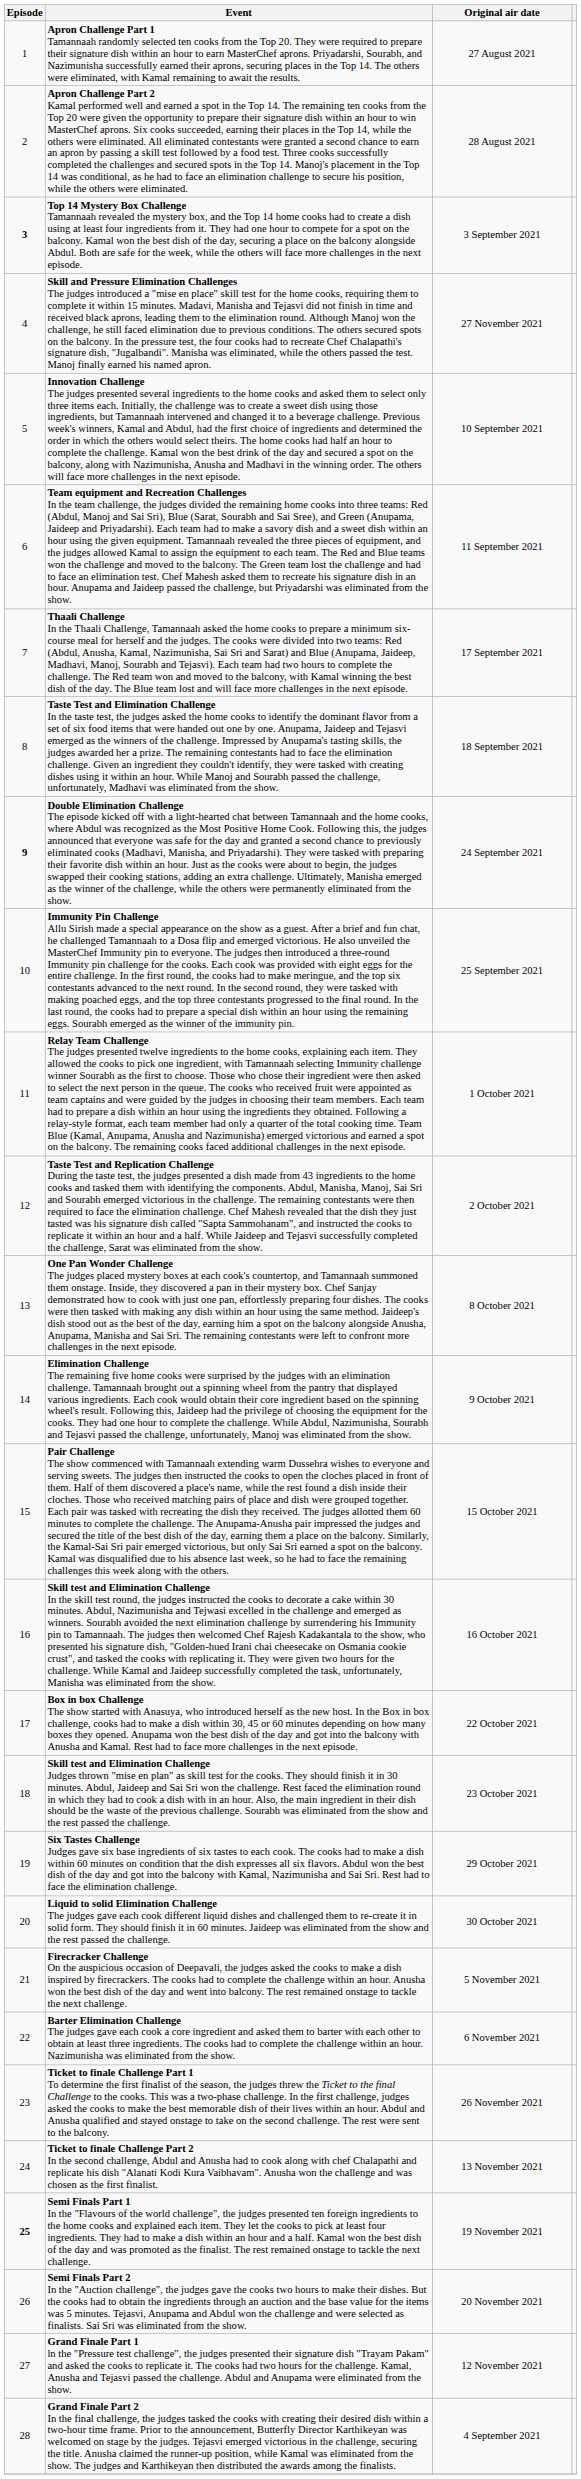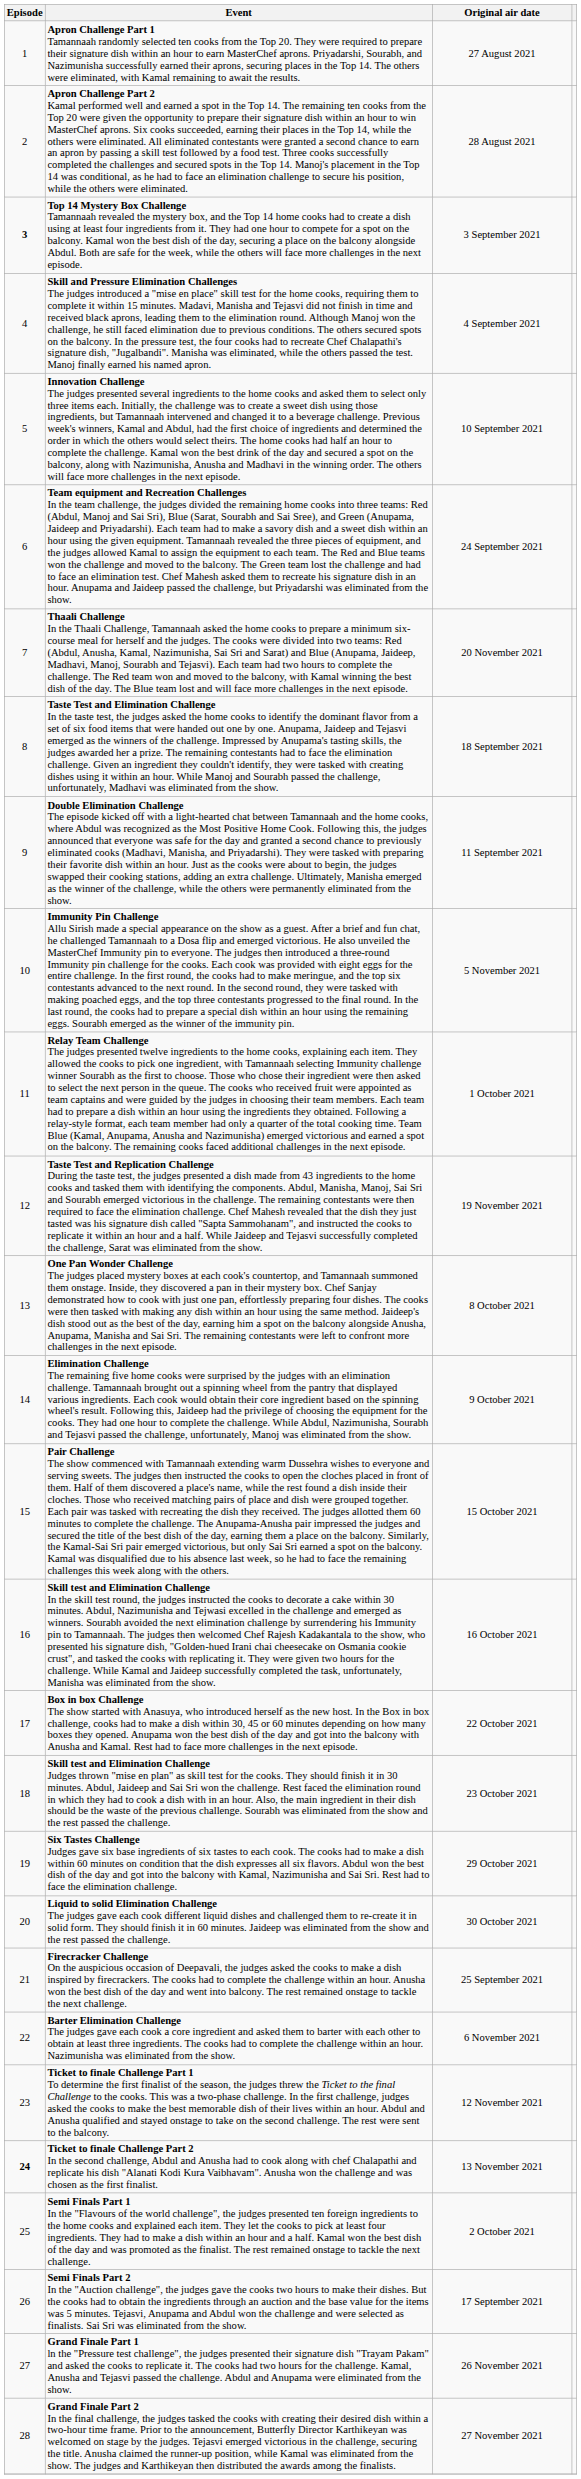 <table class="wikitable" style=text-align:center;>
 <tr>
 <th style="width:5%;">Episode</th>
 <th style="width:70%;">Event</th>
 <th style="width:25%;">Original air date</th>
 <th></th>
 </tr>
 <tr>
 <td>1</td>
 <td style = text-align:left;><strong> Apron Challenge Part 1</strong><br>Tamannaah randomly selected ten cooks from the Top 20. They were required to prepare their signature dish within an hour to earn MasterChef aprons. Priyadarshi, Sourabh, and Nazimunisha successfully earned their aprons, securing places in the Top 14. The others were eliminated, with Kamal remaining to await the results.</td>
 <td>27 August 2021</td>
 <td><br></td>
 </tr>
 <tr>
 <td>2</td>
 <td style = text-align:left;><strong>Apron Challenge Part 2</strong><br>Kamal performed well and earned a spot in the Top 14. The remaining ten cooks from the Top 20 were given the opportunity to prepare their signature dish within an hour to win MasterChef aprons. Six cooks succeeded, earning their places in the Top 14, while the others were eliminated. All eliminated contestants were granted a second chance to earn an apron by passing a skill test followed by a food test. Three cooks successfully completed the challenges and secured spots in the Top 14. Manoj's placement in the Top 14 was conditional, as he had to face an elimination challenge to secure his position, while the others were eliminated.</td>
 <td>28 August 2021</td>
 <td></td>
 </tr>
 <tr>
 <td><strong>3</strong></td>
 <td style = text-align:left;><strong>Top 14 Mystery Box Challenge</strong><br>Tamannaah revealed the mystery box, and the Top 14 home cooks had to create a dish using at least four ingredients from it. They had one hour to compete for a spot on the balcony. Kamal won the best dish of the day, securing a place on the balcony alongside Abdul. Both are safe for the week, while the others will face more challenges in the next episode.</td>
 <td>3 September 2021</td>
 <td></td>
 </tr>
 <tr>
 <td>4</td>
 <td style = text-align:left;><strong>Skill and Pressure Elimination Challenges</strong><br>The judges introduced a "mise en place" skill test for the home cooks, requiring them to complete it within 15 minutes. Madavi, Manisha and Tejasvi did not finish in time and received black aprons, leading them to the elimination round. Although Manoj won the challenge, he still faced elimination due to previous conditions. The others secured spots on the balcony. In the pressure test, the four cooks had to recreate Chef Chalapathi's signature dish, "Jugalbandi". Manisha was eliminated, while the others passed the test. Manoj finally earned his named apron.</td>
-<td>27 November 2021</td>
+<td>4 September 2021</td>
 <td></td>
 </tr>
 <tr>
 <td>5</td>
 <td style = text-align:left;><strong>Innovation Challenge</strong><br>The judges presented several ingredients to the home cooks and asked them to select only three items each. Initially, the challenge was to create a sweet dish using those ingredients, but Tamannaah intervened and changed it to a beverage challenge. Previous week's winners, Kamal and Abdul, had the first choice of ingredients and determined the order in which the others would select theirs. The home cooks had half an hour to complete the challenge. Kamal won the best drink of the day and secured a spot on the balcony, along with Nazimunisha, Anusha and Madhavi in the winning order. The others will face more challenges in the next episode.</td>
 <td>10 September 2021</td>
 <td></td>
 </tr>
 <tr>
 <td>6</td>
 <td style = text-align:left;><strong>Team equipment and Recreation Challenges</strong><br>In the team challenge, the judges divided the remaining home cooks into three teams: Red (Abdul, Manoj and Sai Sri), Blue (Sarat, Sourabh and Sai Sree), and Green (Anupama, Jaideep and Priyadarshi). Each team had to make a savory dish and a sweet dish within an hour using the given equipment. Tamannaah revealed the three pieces of equipment, and the judges allowed Kamal to assign the equipment to each team. The Red and Blue teams won the challenge and moved to the balcony. The Green team lost the challenge and had to face an elimination test. Chef Mahesh asked them to recreate his signature dish in an hour. Anupama and Jaideep passed the challenge, but Priyadarshi was eliminated from the show.</td>
-<td>11 September 2021</td>
+<td>24 September 2021</td>
 <td></td>
 </tr>
 <tr>
 <td>7</td>
 <td style = text-align:left;><strong>Thaali Challenge</strong><br>In the Thaali Challenge, Tamannaah asked the home cooks to prepare a minimum six-course meal for herself and the judges. The cooks were divided into two teams: Red (Abdul, Anusha, Kamal, Nazimunisha, Sai Sri and Sarat) and Blue (Anupama, Jaideep, Madhavi, Manoj, Sourabh and Tejasvi). Each team had two hours to complete the challenge. The Red team won and moved to the balcony, with Kamal winning the best dish of the day. The Blue team lost and will face more challenges in the next episode.</td>
-<td>17 September 2021</td>
+<td>20 November 2021</td>
 <td></td>
 </tr>
 <tr>
 <td>8</td>
 <td style = text-align:left;><strong>Taste Test and Elimination Challenge</strong><br>In the taste test, the judges asked the home cooks to identify the dominant flavor from a set of six food items that were handed out one by one. Anupama, Jaideep and Tejasvi emerged as the winners of the challenge. Impressed by Anupama's tasting skills, the judges awarded her a prize. The remaining contestants had to face the elimination challenge. Given an ingredient they couldn't identify, they were tasked with creating dishes using it within an hour. While Manoj and Sourabh passed the challenge, unfortunately, Madhavi was eliminated from the show.</td>
 <td>18 September 2021</td>
 <td></td>
 </tr>
 <tr>
-<td><strong>9</strong></td>
+<td>9</td>
 <td style = text-align:left;><strong>Double Elimination Challenge</strong><br>The episode kicked off with a light-hearted chat between Tamannaah and the home cooks, where Abdul was recognized as the Most Positive Home Cook. Following this, the judges announced that everyone was safe for the day and granted a second chance to previously eliminated cooks (Madhavi, Manisha, and Priyadarshi). They were tasked with preparing their favorite dish within an hour. Just as the cooks were about to begin, the judges swapped their cooking stations, adding an extra challenge. Ultimately, Manisha emerged as the winner of the challenge, while the others were permanently eliminated from the show.</td>
-<td>24 September 2021</td>
+<td>11 September 2021</td>
 <td></td>
 </tr>
 <tr>
 <td>10</td>
 <td style = text-align:left;><strong>Immunity Pin Challenge</strong><br>Allu Sirish made a special appearance on the show as a guest. After a brief and fun chat, he challenged Tamannaah to a Dosa flip and emerged victorious. He also unveiled the MasterChef Immunity pin to everyone. The judges then introduced a three-round Immunity pin challenge for the cooks. Each cook was provided with eight eggs for the entire challenge. In the first round, the cooks had to make meringue, and the top six contestants advanced to the next round. In the second round, they were tasked with making poached eggs, and the top three contestants progressed to the final round. In the last round, the cooks had to prepare a special dish within an hour using the remaining eggs. Sourabh emerged as the winner of the immunity pin.</td>
-<td>25 September 2021</td>
+<td>5 November 2021</td>
 <td></td>
 </tr>
 <tr>
 <td>11</td>
 <td style = text-align:left;><strong>Relay Team Challenge</strong><br>The judges presented twelve ingredients to the home cooks, explaining each item. They allowed the cooks to pick one ingredient, with Tamannaah selecting Immunity challenge winner Sourabh as the first to choose. Those who chose their ingredient were then asked to select the next person in the queue. The cooks who received fruit were appointed as team captains and were guided by the judges in choosing their team members. Each team had to prepare a dish within an hour using the ingredients they obtained. Following a relay-style format, each team member had only a quarter of the total cooking time. Team Blue (Kamal, Anupama, Anusha and Nazimunisha) emerged victorious and earned a spot on the balcony. The remaining cooks faced additional challenges in the next episode.</td>
 <td>1 October 2021</td>
 <td></td>
 </tr>
 <tr>
 <td>12</td>
 <td style = text-align:left;><strong>Taste Test and Replication Challenge</strong><br>During the taste test, the judges presented a dish made from 43 ingredients to the home cooks and tasked them with identifying the components. Abdul, Manisha, Manoj, Sai Sri and Sourabh emerged victorious in the challenge. The remaining contestants were then required to face the elimination challenge. Chef Mahesh revealed that the dish they just tasted was his signature dish called "Sapta Sammohanam", and instructed the cooks to replicate it within an hour and a half. While Jaideep and Tejasvi successfully completed the challenge, Sarat was eliminated from the show.</td>
-<td>2 October 2021</td>
+<td>19 November 2021</td>
 <td></td>
 </tr>
 <tr>
 <td>13</td>
 <td style = text-align:left;><strong>One Pan Wonder Challenge</strong><br>The judges placed mystery boxes at each cook's countertop, and Tamannaah summoned them onstage. Inside, they discovered a pan in their mystery box. Chef Sanjay demonstrated how to cook with just one pan, effortlessly preparing four dishes. The cooks were then tasked with making any dish within an hour using the same method. Jaideep's dish stood out as the best of the day, earning him a spot on the balcony alongside Anusha, Anupama, Manisha and Sai Sri. The remaining contestants were left to confront more challenges in the next episode.</td>
 <td>8 October 2021</td>
 <td></td>
 </tr>
 <tr>
 <td>14</td>
 <td style = text-align:left;><strong>Elimination Challenge</strong><br>The remaining five home cooks were surprised by the judges with an elimination challenge. Tamannaah brought out a spinning wheel from the pantry that displayed various ingredients. Each cook would obtain their core ingredient based on the spinning wheel's result. Following this, Jaideep had the privilege of choosing the equipment for the cooks. They had one hour to complete the challenge. While Abdul, Nazimunisha, Sourabh and Tejasvi passed the challenge, unfortunately, Manoj was eliminated from the show.</td>
 <td>9 October 2021</td>
 <td></td>
 </tr>
 <tr>
 <td>15</td>
 <td style = text-align:left;><strong>Pair Challenge</strong><br>The show commenced with Tamannaah extending warm Dussehra wishes to everyone and serving sweets. The judges then instructed the cooks to open the cloches placed in front of them. Half of them discovered a place's name, while the rest found a dish inside their cloches. Those who received matching pairs of place and dish were grouped together. Each pair was tasked with recreating the dish they received. The judges allotted them 60 minutes to complete the challenge. The Anupama-Anusha pair impressed the judges and secured the title of the best dish of the day, earning them a place on the balcony. Similarly, the Kamal-Sai Sri pair emerged victorious, but only Sai Sri earned a spot on the balcony. Kamal was disqualified due to his absence last week, so he had to face the remaining challenges this week along with the others.</td>
 <td>15 October 2021</td>
 <td></td>
 </tr>
 <tr>
 <td>16</td>
 <td style = text-align:left;><strong>Skill test and Elimination Challenge</strong><br>In the skill test round, the judges instructed the cooks to decorate a cake within 30 minutes. Abdul, Nazimunisha and Tejwasi excelled in the challenge and emerged as winners. Sourabh avoided the next elimination challenge by surrendering his Immunity pin to Tamannaah. The judges then welcomed Chef Rajesh Kadakantala to the show, who presented his signature dish, "Golden-hued Irani chai cheesecake on Osmania cookie crust", and tasked the cooks with replicating it. They were given two hours for the challenge. While Kamal and Jaideep successfully completed the task, unfortunately, Manisha was eliminated from the show.</td>
 <td>16 October 2021</td>
 <td></td>
 </tr>
 <tr>
 <td>17</td>
 <td style = text-align:left;><strong>Box in box Challenge</strong><br>The show started with Anasuya, who introduced herself as the new host. In the Box in box challenge, cooks had to make a dish within 30, 45 or 60 minutes depending on how many boxes they opened. Anupama won the best dish of the day and got into the balcony with Anusha and Kamal. Rest had to face more challenges in the next episode.</td>
 <td>22 October 2021</td>
 <td></td>
 </tr>
 <tr>
 <td>18</td>
 <td style = text-align:left;><strong>Skill test and Elimination Challenge</strong><br>Judges thrown "mise en plan" as skill test for the cooks. They should finish it in 30 minutes. Abdul, Jaideep and Sai Sri won the challenge. Rest faced the elimination round in which they had to cook a dish with in an hour. Also, the main ingredient in their dish should be the waste of the previous challenge. Sourabh was eliminated from the show and the rest passed the challenge.</td>
 <td>23 October 2021</td>
 <td></td>
 </tr>
 <tr>
 <td>19</td>
 <td style = text-align:left;><strong>Six Tastes Challenge</strong><br>Judges gave six base ingredients of six tastes to each cook. The cooks had to make a dish within 60 minutes on condition that the dish expresses all six flavors. Abdul won the best dish of the day and got into the balcony with Kamal, Nazimunisha and Sai Sri. Rest had to face the elimination challenge.</td>
 <td>29 October 2021</td>
 <td></td>
 </tr>
 <tr>
 <td>20</td>
 <td style = text-align:left;><strong>Liquid to solid Elimination Challenge</strong><br>The judges gave each cook different liquid dishes and challenged them to re-create it in solid form. They should finish it in 60 minutes. Jaideep was eliminated from the show and the rest passed the challenge.</td>
 <td>30 October 2021</td>
 <td></td>
 </tr>
 <tr>
 <td>21</td>
 <td style = text-align:left;><strong>Firecracker  Challenge</strong><br>On the auspicious occasion of Deepavali, the judges asked the cooks to make a dish inspired by firecrackers. The cooks had to complete the challenge within an hour.  Anusha won the best dish of the day and went into balcony. The rest remained onstage to tackle the next challenge.</td>
-<td>5 November 2021</td>
+<td>25 September 2021</td>
 <td></td>
 </tr>
 <tr>
 <td>22</td>
 <td style = text-align:left;><strong>Barter Elimination Challenge</strong><br>The judges gave each cook a core ingredient and asked them to barter with each other to obtain at least three ingredients. The cooks had to complete the challenge within an hour. Nazimunisha was eliminated from the show.</td>
 <td>6 November 2021</td>
 <td></td>
 </tr>
 <tr>
 <td>23</td>
 <td style = text-align:left;><strong>Ticket to finale Challenge Part 1</strong><br>To determine the first finalist of the season, the judges threw the <em>Ticket to the final Challenge</em> to the cooks. This was a two-phase challenge. In the first challenge, judges asked the cooks to make the best memorable dish of their lives within an hour. Abdul and Anusha qualified and stayed onstage to take on the second challenge. The rest were sent to the balcony.</td>
-<td>26 November 2021</td>
+<td>12 November 2021</td>
 <td></td>
 </tr>
 <tr>
-<td>24</td>
+<td><strong>24</strong></td>
 <td style = text-align:left;><strong>Ticket to finale Challenge Part 2</strong><br>In the second challenge, Abdul and Anusha had to cook along with chef Chalapathi and replicate his dish "Alanati Kodi Kura Vaibhavam". Anusha won the challenge and was chosen as the first finalist.</td>
 <td>13 November 2021</td>
 <td></td>
 </tr>
 <tr>
-<td><strong>25</strong></td>
+<td>25</td>
 <td style = text-align:left;><strong>Semi Finals Part 1</strong><br>In the "Flavours of the world challenge", the judges presented ten foreign ingredients to the home cooks and explained each item. They let the cooks to pick at least four ingredients. They had to make a dish within an hour and a half. Kamal won the best dish of the day and was promoted as the finalist. The rest remained onstage to tackle the next challenge.</td>
-<td>19 November 2021</td>
+<td>2 October 2021</td>
 <td></td>
 </tr>
 <tr>
 <td>26</td>
 <td style = text-align:left;><strong>Semi Finals Part 2</strong><br>In the "Auction challenge", the judges gave the cooks two hours to make their dishes. But the cooks had to obtain the ingredients through an auction and the base value for the items was 5 minutes. Tejasvi, Anupama and Abdul won the challenge and were selected as finalists. Sai Sri was eliminated from the show.</td>
-<td>20 November 2021</td>
+<td>17 September 2021</td>
 <td></td>
 </tr>
 <tr>
 <td>27</td>
 <td style = text-align:left;><strong>Grand Finale Part 1</strong><br>ln the "Pressure test challenge", the judges presented their signature dish "Trayam Pakam" and asked the cooks to replicate it. The cooks had two hours for the challenge. Kamal, Anusha and Tejasvi passed the challenge. Abdul and Anupama were eliminated from the show.</td>
-<td>12 November 2021</td>
+<td>26 November 2021</td>
 <td></td>
 </tr>
 <tr>
 <td>28</td>
 <td style = text-align:left;><strong>Grand Finale Part 2</strong><br>In the final challenge, the judges tasked the cooks with creating their desired dish within a two-hour time frame. Prior to the announcement, Butterfly Director Karthikeyan was welcomed on stage by the judges. Tejasvi emerged victorious in the challenge, securing the title. Anusha claimed the runner-up position, while Kamal was eliminated from the show. The judges and Karthikeyan then distributed the awards among the finalists.</td>
-<td>4 September 2021</td>
+<td>27 November 2021</td>
 <td></td>
 </tr>
 <tr>
 </tr>
 </table>
